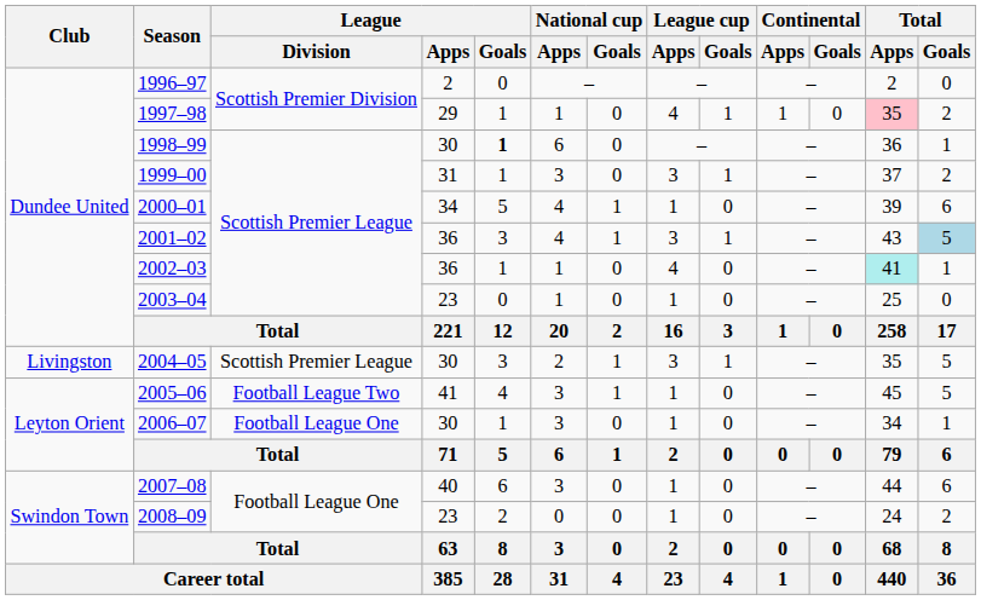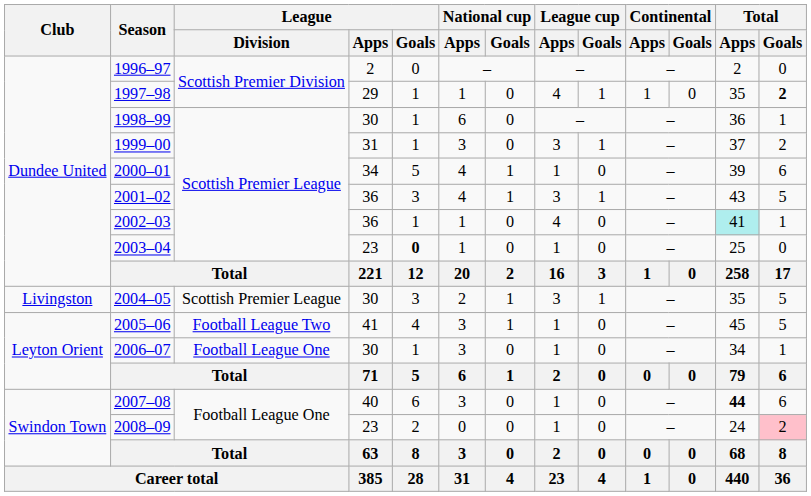 <table class="wikitable" style="text-align:center">
 <tr>
 <th rowspan="2">Club</th>
 <th rowspan="2">Season</th>
 <th colspan="3">League</th>
 <th colspan="2">National cup</th>
 <th colspan="2">League cup</th>
 <th colspan="2">Continental</th>
 <th colspan="2">Total</th>
 </tr>
 <tr>
 <th>Division</th>
 <th>Apps</th>
 <th>Goals</th>
 <th>Apps</th>
 <th>Goals</th>
 <th>Apps</th>
 <th>Goals</th>
 <th>Apps</th>
 <th>Goals</th>
 <th>Apps</th>
 <th>Goals</th>
 </tr>
 <tr>
 <td rowspan="9"><a href='#'>Dundee United</a></td>
 <td><a href='#'>1996–97</a></td>
 <td rowspan="2"><a href='#'>Scottish Premier Division</a></td>
 <td>2</td>
 <td>0</td>
 <td colspan="2">–</td>
 <td colspan="2">–</td>
 <td colspan="2">–</td>
 <td>2</td>
 <td>0</td>
 </tr>
 <tr>
 <td><a href='#'>1997–98</a></td>
 <td>29</td>
 <td>1</td>
 <td>1</td>
 <td>0</td>
 <td>4</td>
 <td>1</td>
 <td>1</td>
 <td>0</td>
-<td style="background: pink;">35</td>
-<td>2</td>
+<td>35</td>
+<td><strong>2</strong></td>
 </tr>
 <tr>
 <td><a href='#'>1998–99</a></td>
 <td rowspan="6"><a href='#'>Scottish Premier League</a></td>
 <td>30</td>
-<td><strong>1</strong></td>
+<td>1</td>
 <td>6</td>
 <td>0</td>
 <td colspan="2">–</td>
 <td colspan="2">–</td>
 <td>36</td>
 <td>1</td>
 </tr>
 <tr>
 <td><a href='#'>1999–00</a></td>
 <td>31</td>
 <td>1</td>
 <td>3</td>
 <td>0</td>
 <td>3</td>
 <td>1</td>
 <td colspan="2">–</td>
 <td>37</td>
 <td>2</td>
 </tr>
 <tr>
 <td><a href='#'>2000–01</a></td>
 <td>34</td>
 <td>5</td>
 <td>4</td>
 <td>1</td>
 <td>1</td>
 <td>0</td>
 <td colspan="2">–</td>
 <td>39</td>
 <td>6</td>
 </tr>
 <tr>
 <td><a href='#'>2001–02</a></td>
 <td>36</td>
 <td>3</td>
 <td>4</td>
 <td>1</td>
 <td>3</td>
 <td>1</td>
 <td colspan="2">–</td>
 <td>43</td>
-<td style="background: lightblue;">5</td>
+<td>5</td>
 </tr>
 <tr>
 <td><a href='#'>2002–03</a></td>
 <td>36</td>
 <td>1</td>
 <td>1</td>
 <td>0</td>
 <td>4</td>
 <td>0</td>
 <td colspan="2">–</td>
 <td style="background: paleturquoise;">41</td>
 <td>1</td>
 </tr>
 <tr>
 <td><a href='#'>2003–04</a></td>
 <td>23</td>
-<td>0</td>
+<td><strong>0</strong></td>
 <td>1</td>
 <td>0</td>
 <td>1</td>
 <td>0</td>
 <td colspan="2">–</td>
 <td>25</td>
 <td>0</td>
 </tr>
 <tr>
 <th colspan="2">Total</th>
 <th>221</th>
 <th>12</th>
 <th>20</th>
 <th>2</th>
 <th>16</th>
 <th>3</th>
 <th>1</th>
 <th>0</th>
 <th>258</th>
 <th>17</th>
 </tr>
 <tr>
 <td><a href='#'>Livingston</a></td>
 <td><a href='#'>2004–05</a></td>
 <td>Scottish Premier League</td>
 <td>30</td>
 <td>3</td>
 <td>2</td>
 <td>1</td>
 <td>3</td>
 <td>1</td>
 <td colspan="2">–</td>
 <td>35</td>
 <td>5</td>
 </tr>
 <tr>
 <td rowspan="3"><a href='#'>Leyton Orient</a></td>
 <td><a href='#'>2005–06</a></td>
 <td><a href='#'>Football League Two</a></td>
 <td>41</td>
 <td>4</td>
 <td>3</td>
 <td>1</td>
 <td>1</td>
 <td>0</td>
 <td colspan="2">–</td>
 <td>45</td>
 <td>5</td>
 </tr>
 <tr>
 <td><a href='#'>2006–07</a></td>
 <td><a href='#'>Football League One</a></td>
 <td>30</td>
 <td>1</td>
 <td>3</td>
 <td>0</td>
 <td>1</td>
 <td>0</td>
 <td colspan="2">–</td>
 <td>34</td>
 <td>1</td>
 </tr>
 <tr>
 <th colspan="2">Total</th>
 <th>71</th>
 <th>5</th>
 <th>6</th>
 <th>1</th>
 <th>2</th>
 <th>0</th>
 <th>0</th>
 <th>0</th>
 <th>79</th>
 <th>6</th>
 </tr>
 <tr>
 <td rowspan="3"><a href='#'>Swindon Town</a></td>
 <td><a href='#'>2007–08</a></td>
 <td rowspan="2">Football League One</td>
 <td>40</td>
 <td>6</td>
 <td>3</td>
 <td>0</td>
 <td>1</td>
 <td>0</td>
 <td colspan="2">–</td>
-<td>44</td>
+<td><strong>44</strong></td>
 <td>6</td>
 </tr>
 <tr>
 <td><a href='#'>2008–09</a></td>
 <td>23</td>
 <td>2</td>
 <td>0</td>
 <td>0</td>
 <td>1</td>
 <td>0</td>
 <td colspan="2">–</td>
 <td>24</td>
-<td>2</td>
+<td style="background: pink;">2</td>
 </tr>
 <tr>
 <th colspan="2">Total</th>
 <th>63</th>
 <th>8</th>
 <th>3</th>
 <th>0</th>
 <th>2</th>
 <th>0</th>
 <th>0</th>
 <th>0</th>
 <th>68</th>
 <th>8</th>
 </tr>
 <tr>
 <th colspan="3">Career total</th>
 <th>385</th>
 <th>28</th>
 <th>31</th>
 <th>4</th>
 <th>23</th>
 <th>4</th>
 <th>1</th>
 <th>0</th>
 <th>440</th>
 <th>36</th>
 </tr>
 </table>
